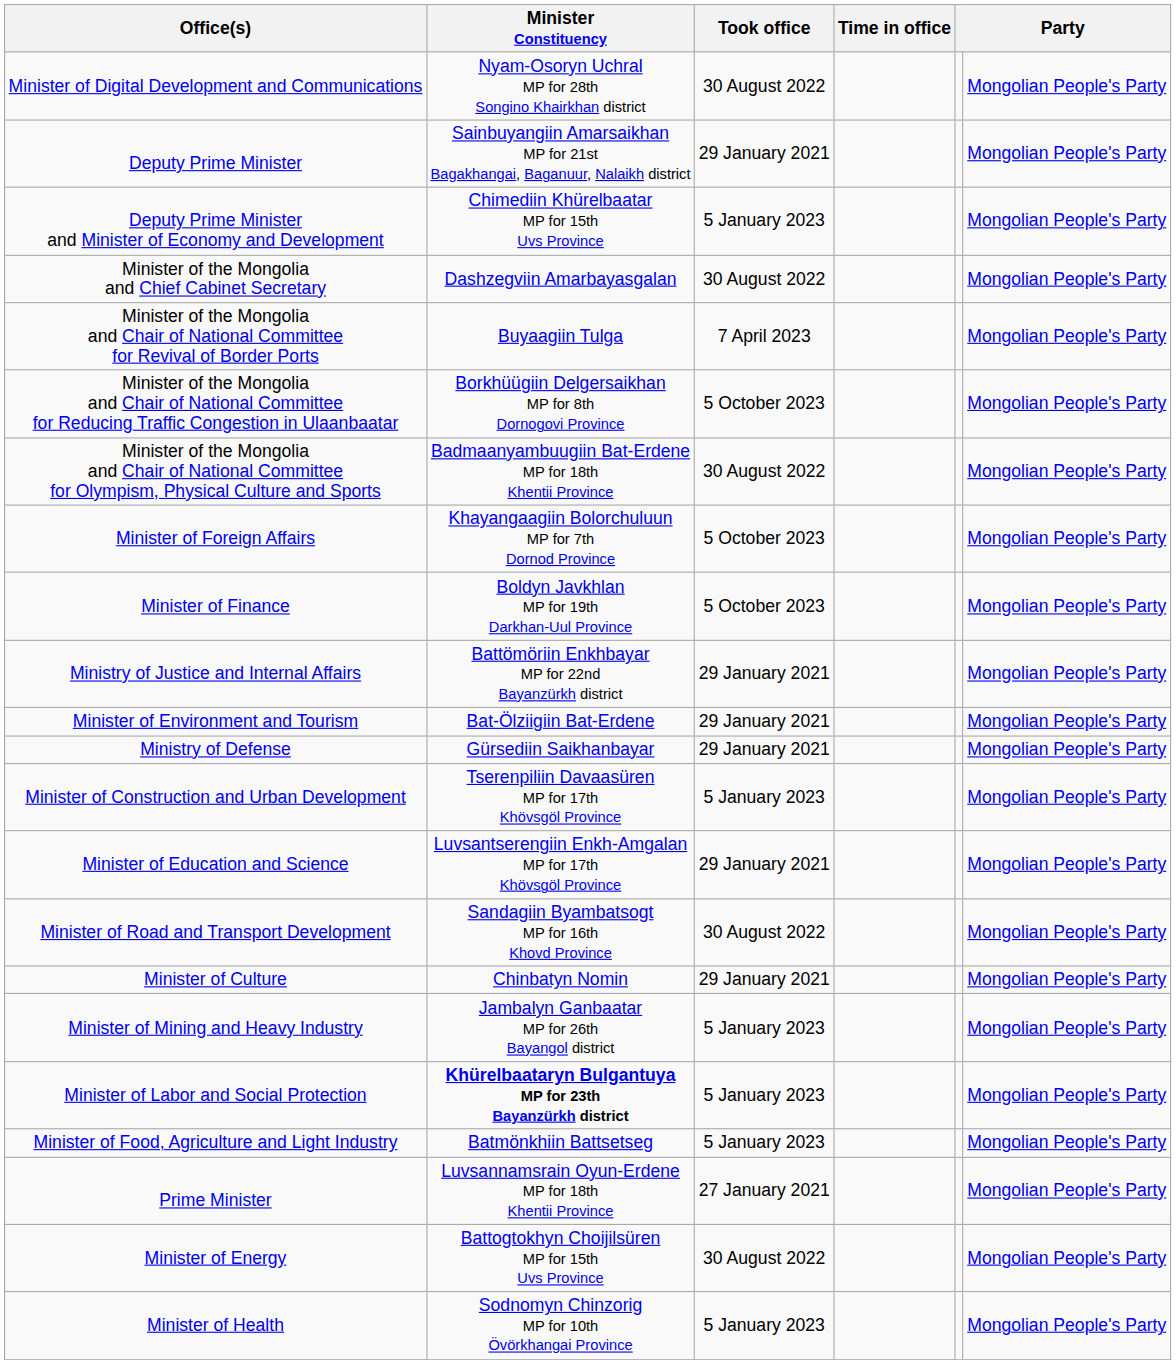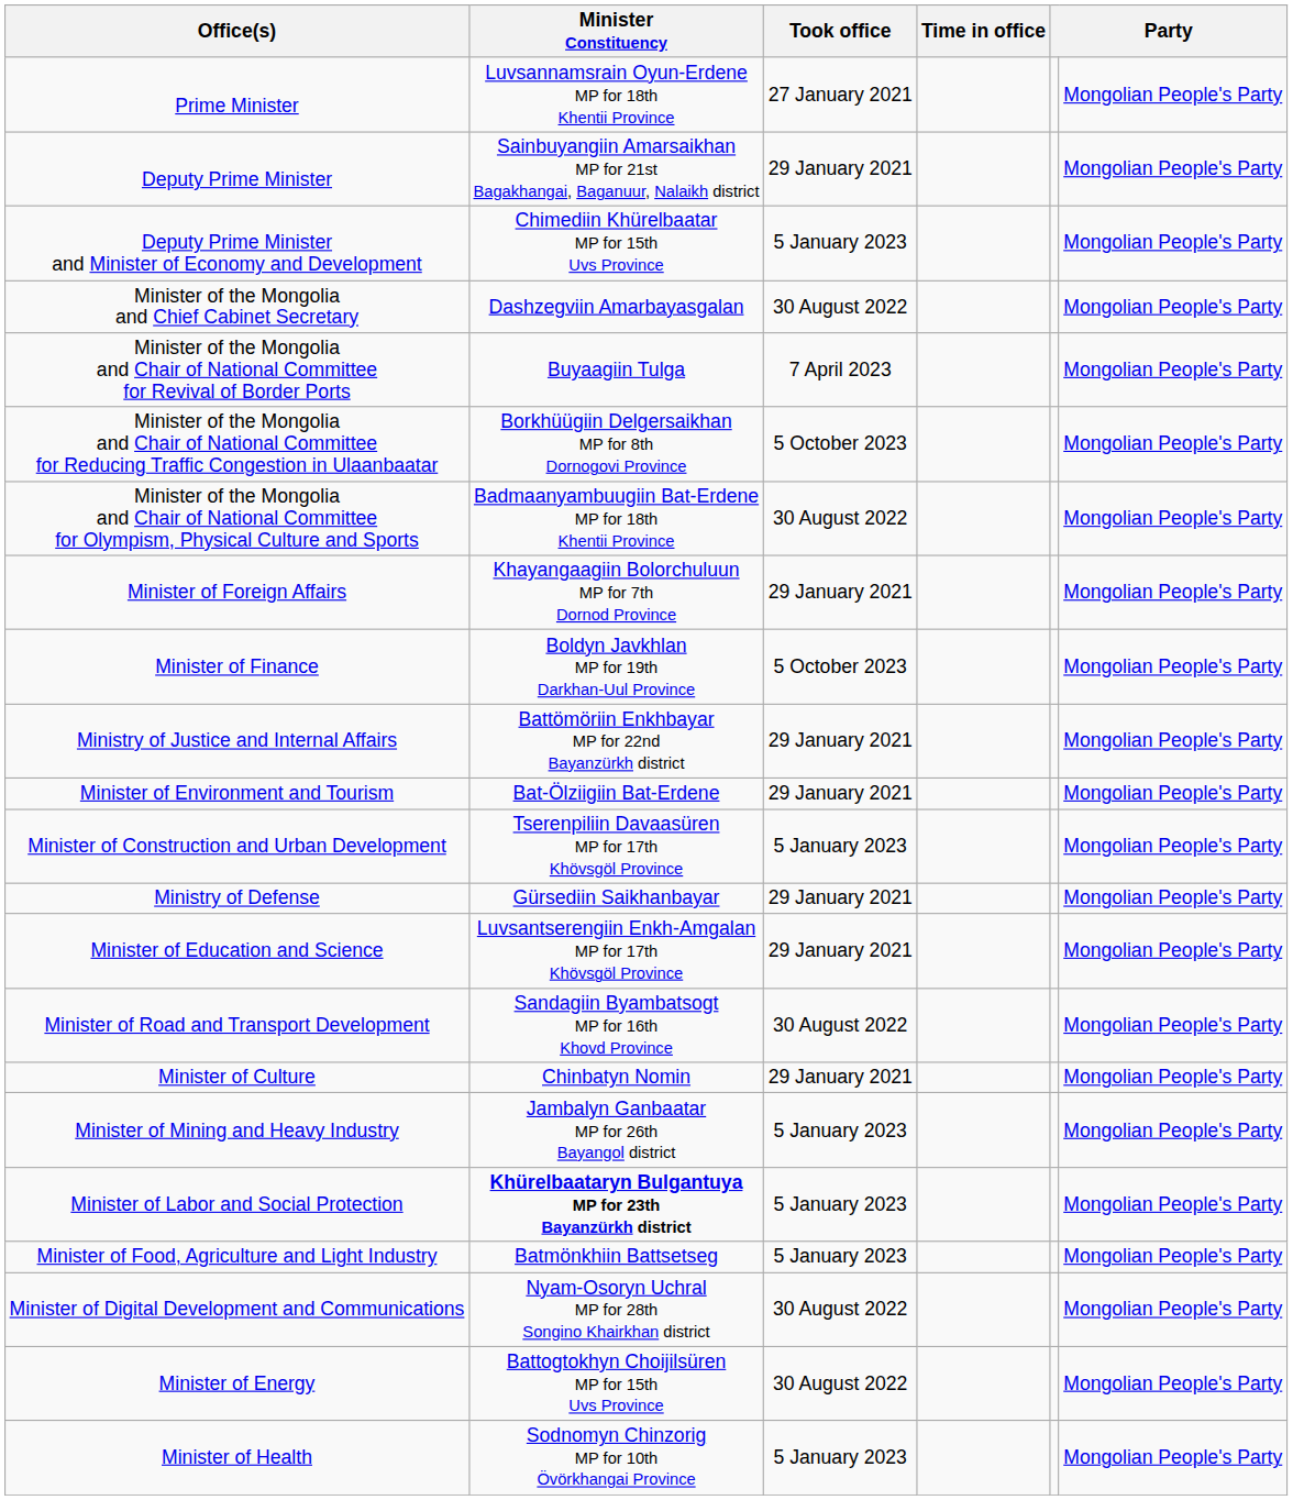 <table class="wikitable">
 <tr style="text-align: center;">
 <th scope="col">Office(s)</th>
 <th scope="col">Minister<br><small><a href='#'>Constituency</a></small></th>
 <th scope="col">Took office</th>
 <th scope="col">Time in office</th>
 <th colspan="2" scope="col">Party</th>
 </tr>
 <tr style="text-align: center;">
-<td><a href='#'>Minister of Digital Development and Communications</a></td>
-<td><a href='#'>Nyam-Osoryn Uchral</a><br><small>MP for 28th<br><a href='#'>Songino Khairkhan</a> district</small></td>
-<td>30 August 2022</td>
+<td><br><a href='#'>Prime Minister</a></td>
+<td><a href='#'>Luvsannamsrain Oyun-Erdene</a><br><small>MP for 18th<br><a href='#'>Khentii Province</a></small></td>
+<td>27 January 2021</td>
 <td></td>
 <td style="background:"></td>
 <td><a href='#'>Mongolian People's Party</a></td>
 </tr>
 <tr style="text-align: center;">
 <td><br><a href='#'>Deputy Prime Minister</a></td>
 <td><a href='#'>Sainbuyangiin Amarsaikhan</a><br><small>MP for 21st<br><a href='#'>Bagakhangai</a>, <a href='#'>Baganuur</a>, <a href='#'>Nalaikh</a> district</small></td>
 <td>29 January 2021</td>
 <td></td>
 <td style="background:"></td>
 <td><a href='#'>Mongolian People's Party</a></td>
 </tr>
 <tr style="text-align: center;">
 <td><br><a href='#'>Deputy Prime Minister</a> <br> and <a href='#'>Minister of Economy and Development</a></td>
 <td><a href='#'>Chimediin Khürelbaatar</a><br><small>MP for 15th<br><a href='#'>Uvs Province</a></small></td>
 <td>5 January 2023</td>
 <td></td>
 <td style="background:"></td>
 <td><a href='#'>Mongolian People's Party</a></td>
 </tr>
 <tr style="text-align: center;">
 <td>Minister of the Mongolia <br> and <a href='#'>Chief Cabinet Secretary</a></td>
 <td><a href='#'>Dashzegviin Amarbayasgalan</a></td>
 <td>30 August 2022</td>
 <td></td>
 <td style="background:"></td>
 <td><a href='#'>Mongolian People's Party</a></td>
 </tr>
 <tr style="text-align: center;">
 <td>Minister of the Mongolia <br> and <a href='#'>Chair of National Committee <br>for Revival of Border Ports</a></td>
 <td><a href='#'>Buyaagiin Tulga</a></td>
 <td>7 April 2023</td>
 <td></td>
 <td style="background:"></td>
 <td><a href='#'>Mongolian People's Party</a></td>
 </tr>
 <tr style="text-align: center;">
 <td>Minister of the Mongolia <br> and <a href='#'>Chair of National Committee <br>for Reducing Traffic Congestion in Ulaanbaatar</a></td>
 <td><a href='#'>Borkhüügiin Delgersaikhan</a><br><small>MP for 8th<br><a href='#'>Dornogovi Province</a></small></td>
 <td>5 October 2023</td>
 <td></td>
 <td style="background:"></td>
 <td><a href='#'>Mongolian People's Party</a></td>
 </tr>
 <tr style="text-align: center;">
 <td>Minister of the Mongolia <br> and <a href='#'>Chair of National Committee <br>for Olympism, Physical Culture and Sports</a></td>
 <td><a href='#'>Badmaanyambuugiin Bat-Erdene</a><br><small>MP for 18th<br><a href='#'>Khentii Province</a></small></td>
 <td>30 August 2022</td>
 <td></td>
 <td style="background:"></td>
 <td><a href='#'>Mongolian People's Party</a></td>
 </tr>
 <tr style="text-align: center;">
 <td><a href='#'>Minister of Foreign Affairs</a></td>
 <td><a href='#'>Khayangaagiin Bolorchuluun</a><br><small>MP for 7th<br><a href='#'>Dornod Province</a></small></td>
-<td>5 October 2023</td>
+<td>29 January 2021</td>
 <td></td>
 <td style="background:"></td>
 <td><a href='#'>Mongolian People's Party</a></td>
 </tr>
 <tr style="text-align: center;">
 <td><a href='#'>Minister of Finance</a></td>
 <td><a href='#'>Boldyn Javkhlan</a><br><small>MP for 19th<br><a href='#'>Darkhan-Uul Province</a></small></td>
 <td>5 October 2023</td>
 <td></td>
 <td style="background:"></td>
 <td><a href='#'>Mongolian People's Party</a></td>
 </tr>
 <tr style="text-align: center;">
 <td><a href='#'>Ministry of Justice and Internal Affairs</a></td>
 <td><a href='#'>Battömöriin Enkhbayar</a><br><small>MP for 22nd<br><a href='#'>Bayanzürkh</a> district</small></td>
 <td>29 January 2021</td>
 <td></td>
 <td style="background:"></td>
 <td><a href='#'>Mongolian People's Party</a></td>
 </tr>
 <tr style="text-align: center;">
 <td><a href='#'>Minister of Environment and Tourism</a></td>
 <td><a href='#'>Bat-Ölziigiin Bat-Erdene</a></td>
 <td>29 January 2021</td>
 <td></td>
 <td style="background:"></td>
 <td><a href='#'>Mongolian People's Party</a></td>
 </tr>
 <tr style="text-align: center;">
-<td><a href='#'>Ministry of Defense</a></td>
-<td><a href='#'>Gürsediin Saikhanbayar</a></td>
-<td>29 January 2021</td>
+<td><a href='#'>Minister of Construction and Urban Development</a></td>
+<td><a href='#'>Tserenpiliin Davaasüren</a><br><small>MP for 17th<br><a href='#'>Khövsgöl Province</a></small></td>
+<td>5 January 2023</td>
 <td></td>
 <td style="background:"></td>
 <td><a href='#'>Mongolian People's Party</a></td>
 </tr>
 <tr style="text-align: center;">
-<td><a href='#'>Minister of Construction and Urban Development</a></td>
-<td><a href='#'>Tserenpiliin Davaasüren</a><br><small>MP for 17th<br><a href='#'>Khövsgöl Province</a></small></td>
-<td>5 January 2023</td>
+<td><a href='#'>Ministry of Defense</a></td>
+<td><a href='#'>Gürsediin Saikhanbayar</a></td>
+<td>29 January 2021</td>
 <td></td>
 <td style="background:"></td>
 <td><a href='#'>Mongolian People's Party</a></td>
 </tr>
 <tr style="text-align: center;">
 <td><a href='#'>Minister of Education and Science</a></td>
 <td><a href='#'>Luvsantserengiin Enkh-Amgalan</a><br><small>MP for 17th<br><a href='#'>Khövsgöl Province</a></small></td>
 <td>29 January 2021</td>
 <td></td>
 <td style="background:"></td>
 <td><a href='#'>Mongolian People's Party</a></td>
 </tr>
 <tr style="text-align: center;">
 <td><a href='#'>Minister of Road and Transport Development</a></td>
 <td><a href='#'>Sandagiin Byambatsogt</a><br><small>MP for 16th<br><a href='#'>Khovd Province</a></small></td>
 <td>30 August 2022</td>
 <td></td>
 <td style="background:"></td>
 <td><a href='#'>Mongolian People's Party</a></td>
 </tr>
 <tr style="text-align: center;">
 <td><a href='#'>Minister of Culture</a></td>
 <td><a href='#'>Chinbatyn Nomin</a></td>
 <td>29 January 2021</td>
 <td></td>
 <td style="background:"></td>
 <td><a href='#'>Mongolian People's Party</a></td>
 </tr>
 <tr style="text-align: center;">
 <td><a href='#'>Minister of Mining and Heavy Industry</a></td>
 <td><a href='#'>Jambalyn Ganbaatar</a><br><small>MP for 26th<br><a href='#'>Bayangol</a> district</small></td>
 <td>5 January 2023</td>
 <td></td>
 <td style="background:"></td>
 <td><a href='#'>Mongolian People's Party</a></td>
 </tr>
 <tr style="text-align: center;">
 <td><a href='#'>Minister of Labor and Social Protection</a></td>
 <td><strong><a href='#'>Khürelbaataryn Bulgantuya</a><br><small>MP for 23th<br><a href='#'>Bayanzürkh</a> district</small></strong></td>
 <td>5 January 2023</td>
 <td></td>
 <td style="background:"></td>
 <td><a href='#'>Mongolian People's Party</a></td>
 </tr>
 <tr style="text-align: center;">
 <td><a href='#'>Minister of Food, Agriculture and Light Industry</a></td>
 <td><a href='#'>Batmönkhiin Battsetseg</a></td>
 <td>5 January 2023</td>
 <td></td>
 <td style="background:"></td>
 <td><a href='#'>Mongolian People's Party</a></td>
 </tr>
 <tr style="text-align: center;">
-<td><br><a href='#'>Prime Minister</a></td>
-<td><a href='#'>Luvsannamsrain Oyun-Erdene</a><br><small>MP for 18th<br><a href='#'>Khentii Province</a></small></td>
-<td>27 January 2021</td>
+<td><a href='#'>Minister of Digital Development and Communications</a></td>
+<td><a href='#'>Nyam-Osoryn Uchral</a><br><small>MP for 28th<br><a href='#'>Songino Khairkhan</a> district</small></td>
+<td>30 August 2022</td>
 <td></td>
 <td style="background:"></td>
 <td><a href='#'>Mongolian People's Party</a></td>
 </tr>
 <tr style="text-align: center;">
 <td><a href='#'>Minister of Energy</a></td>
 <td><a href='#'>Battogtokhyn Choijilsüren</a><br><small>MP for 15th<br><a href='#'>Uvs Province</a></small></td>
 <td>30 August 2022</td>
 <td></td>
 <td style="background:"></td>
 <td><a href='#'>Mongolian People's Party</a></td>
 </tr>
 <tr style="text-align: center;">
 <td><a href='#'>Minister of Health</a></td>
 <td><a href='#'>Sodnomyn Chinzorig</a><br><small>MP for 10th<br><a href='#'>Övörkhangai Province</a></small></td>
 <td>5 January 2023</td>
 <td></td>
 <td style="background:"></td>
 <td><a href='#'>Mongolian People's Party</a></td>
 </tr>
 </table>
